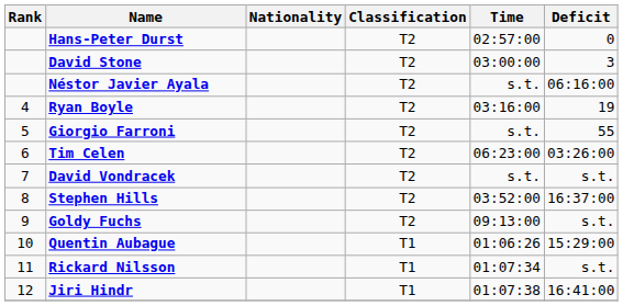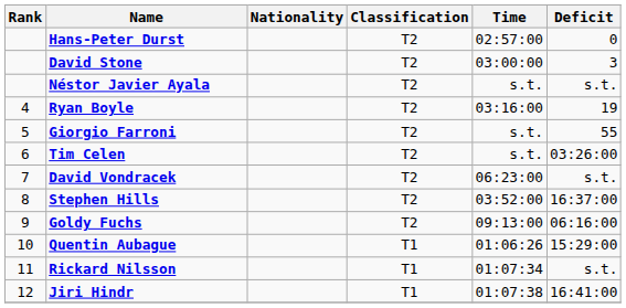 <table class="wikitable sortable" style="text-align:left">
 <tr>
 <th width=20>Rank</th>
 <th width=180>Name</th>
 <th>Nationality</th>
 <th>Classification</th>
 <th>Time</th>
 <th>Deficit</th>
 </tr>
 <tr>
 <td align=center></td>
 <td><strong><a href='#'>Hans-Peter Durst</a></strong></td>
 <td></td>
 <td align=center>T2</td>
 <td align=right>02:57:00</td>
 <td align=right>0</td>
 </tr>
 <tr>
 <td align=center></td>
 <td><strong><a href='#'>David Stone</a></strong></td>
 <td></td>
 <td align=center>T2</td>
 <td align=right>03:00:00</td>
 <td align=right>3</td>
 </tr>
 <tr>
 <td align=center></td>
 <td><strong><a href='#'>Néstor Javier Ayala</a></strong></td>
 <td></td>
 <td align=center>T2</td>
 <td align=right>s.t.</td>
-<td align=right>06:16:00</td>
+<td align=right>s.t.</td>
 </tr>
 <tr>
 <td align=center>4</td>
 <td><strong><a href='#'>Ryan Boyle</a></strong></td>
 <td></td>
 <td align=center>T2</td>
 <td align=right>03:16:00</td>
 <td align=right>19</td>
 </tr>
 <tr>
 <td align=center>5</td>
 <td><strong><a href='#'>Giorgio Farroni</a></strong></td>
 <td></td>
 <td align=center>T2</td>
 <td align=right>s.t.</td>
 <td align=right>55</td>
 </tr>
 <tr>
 <td align=center>6</td>
 <td><strong><a href='#'>Tim Celen</a></strong></td>
 <td></td>
 <td align=center>T2</td>
-<td align=right>06:23:00</td>
+<td align=right>s.t.</td>
 <td align=right>03:26:00</td>
 </tr>
 <tr>
 <td align=center>7</td>
 <td><strong><a href='#'>David Vondracek</a></strong></td>
 <td></td>
 <td align=center>T2</td>
-<td align=right>s.t.</td>
+<td align=right>06:23:00</td>
 <td align=right>s.t.</td>
 </tr>
 <tr>
 <td align=center>8</td>
 <td><strong><a href='#'>Stephen Hills</a></strong></td>
 <td></td>
 <td align=center>T2</td>
 <td align=right>03:52:00</td>
 <td align=right>16:37:00</td>
 </tr>
 <tr>
 <td align=center>9</td>
 <td><strong><a href='#'>Goldy Fuchs</a></strong></td>
 <td></td>
 <td align=center>T2</td>
 <td align=right>09:13:00</td>
-<td align=right>s.t.</td>
+<td align=right>06:16:00</td>
 </tr>
 <tr>
 <td align=center>10</td>
 <td><strong><a href='#'>Quentin Aubague</a></strong></td>
 <td></td>
 <td align=center>T1</td>
 <td align=right>01:06:26</td>
 <td align=right>15:29:00</td>
 </tr>
 <tr>
 <td align=center>11</td>
 <td><strong><a href='#'>Rickard Nilsson</a></strong></td>
 <td></td>
 <td align=center>T1</td>
 <td align=right>01:07:34</td>
 <td align=right>s.t.</td>
 </tr>
 <tr>
 <td align=center>12</td>
 <td><strong><a href='#'>Jiri Hindr</a></strong></td>
 <td></td>
 <td align=center>T1</td>
 <td align=right>01:07:38</td>
 <td align=right>16:41:00</td>
 </tr>
 <tr>
 </tr>
 </table>
